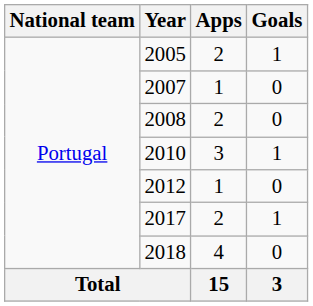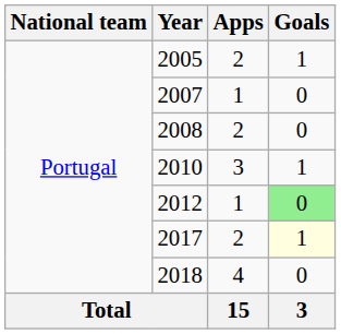 <table class=wikitable style="text-align: center;">
 <tr>
 <th>National team</th>
 <th>Year</th>
 <th>Apps</th>
 <th>Goals</th>
 </tr>
 <tr>
 <td rowspan=7><a href='#'>Portugal</a></td>
 <td>2005</td>
 <td>2</td>
 <td>1</td>
 </tr>
 <tr>
 <td>2007</td>
 <td>1</td>
 <td>0</td>
 </tr>
 <tr>
 <td>2008</td>
 <td>2</td>
 <td>0</td>
 </tr>
 <tr>
 <td>2010</td>
 <td>3</td>
 <td>1</td>
 </tr>
 <tr>
 <td>2012</td>
 <td>1</td>
-<td>0</td>
+<td style="background: lightgreen;">0</td>
 </tr>
 <tr>
 <td>2017</td>
 <td>2</td>
-<td>1</td>
+<td style="background: lightyellow;">1</td>
 </tr>
 <tr>
 <td>2018</td>
 <td>4</td>
 <td>0</td>
 </tr>
 <tr>
 <th colspan=2>Total</th>
 <th>15</th>
 <th>3</th>
 </tr>
 </table>
